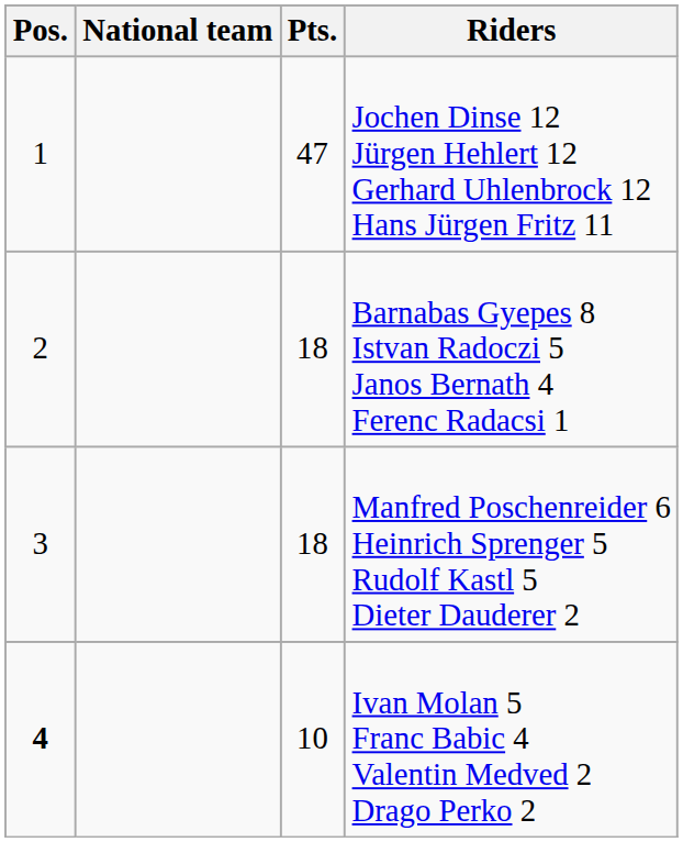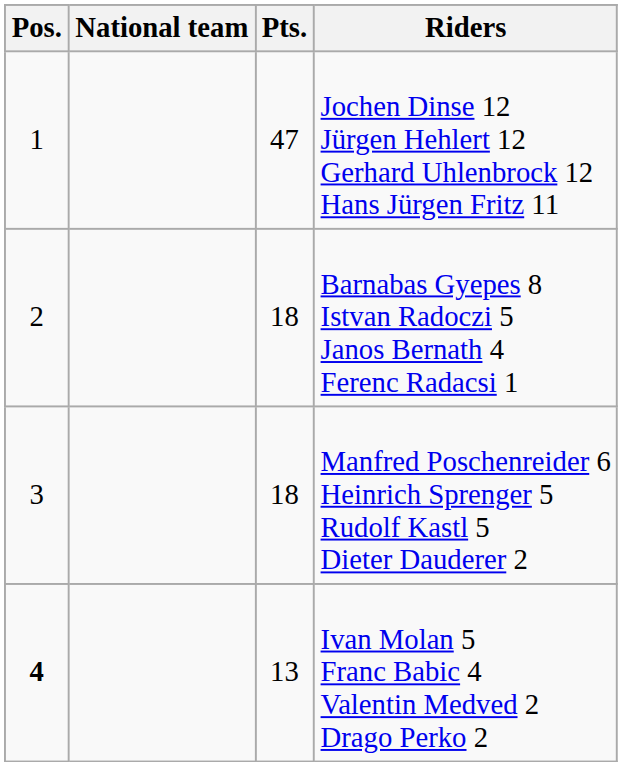 <table class=wikitable style="font-size:93%;">
 <tr>
 <th>Pos.</th>
 <th>National team</th>
 <th>Pts.</th>
 <th>Riders</th>
 </tr>
 <tr align=center >
 <td>1</td>
 <td align=left></td>
 <td>47</td>
 <td align=left><br><a href='#'>Jochen Dinse</a> 12<br> <a href='#'>Jürgen Hehlert</a> 12<br> <a href='#'>Gerhard Uhlenbrock</a> 12<br> <a href='#'>Hans Jürgen Fritz</a> 11</td>
 </tr>
 <tr align=center>
 <td>2</td>
 <td align=left></td>
 <td>18</td>
 <td align=left><br><a href='#'>Barnabas Gyepes</a> 8<br> <a href='#'>Istvan Radoczi</a> 5<br> <a href='#'>Janos Bernath</a> 4<br> <a href='#'>Ferenc Radacsi</a> 1</td>
 </tr>
 <tr align=center>
 <td>3</td>
 <td align=left></td>
 <td>18</td>
 <td align=left><br><a href='#'>Manfred Poschenreider</a> 6<br> <a href='#'>Heinrich Sprenger</a> 5<br> <a href='#'>Rudolf Kastl</a> 5<br> <a href='#'>Dieter Dauderer</a> 2</td>
 </tr>
 <tr align=center>
 <td><strong>4</strong></td>
 <td align=left></td>
-<td>10</td>
+<td>13</td>
 <td align=left><br><a href='#'>Ivan Molan</a> 5<br> <a href='#'>Franc Babic</a> 4<br> <a href='#'>Valentin Medved</a> 2<br> <a href='#'>Drago Perko</a> 2</td>
 </tr>
 </table>
